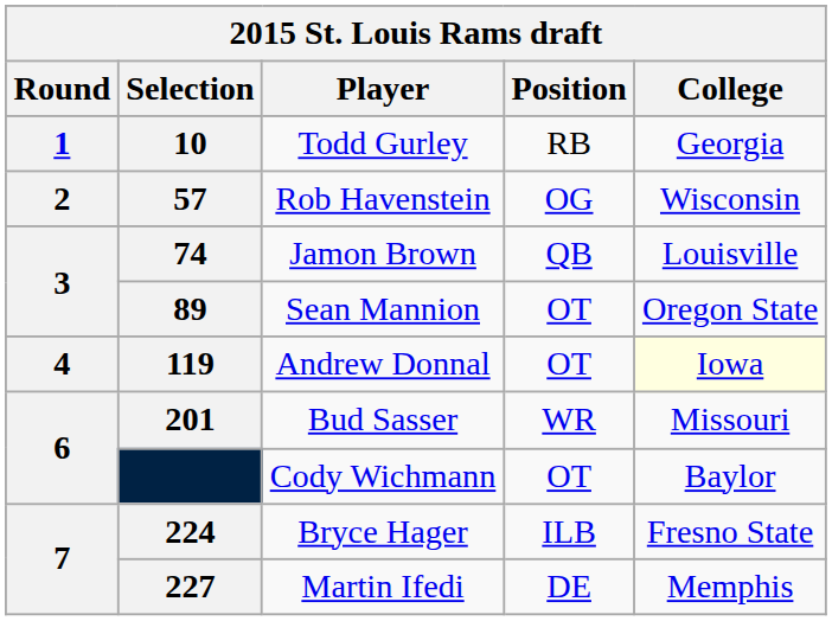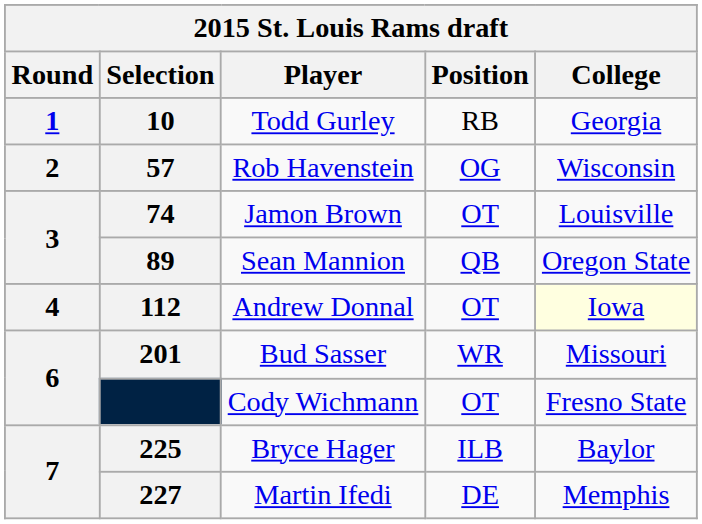 <table class="wikitable" style="font-size: 95%; text-align: center;">
 <tr>
 <th colspan=5>2015 St. Louis Rams draft</th>
 </tr>
 <tr>
 <th>Round</th>
 <th>Selection</th>
 <th>Player</th>
 <th>Position</th>
 <th>College</th>
 </tr>
 <tr>
 <th><a href='#'>1</a></th>
 <th>10</th>
 <td><a href='#'>Todd Gurley</a></td>
 <td>RB</td>
 <td><a href='#'>Georgia</a></td>
 </tr>
 <tr>
 <th>2</th>
 <th>57</th>
 <td><a href='#'>Rob Havenstein</a></td>
 <td><a href='#'>OG</a></td>
 <td><a href='#'>Wisconsin</a></td>
 </tr>
 <tr>
 <th rowspan=2>3</th>
 <th>74</th>
 <td><a href='#'>Jamon Brown</a></td>
-<td><a href='#'>QB</a></td>
+<td><a href='#'>OT</a></td>
 <td><a href='#'>Louisville</a></td>
 </tr>
 <tr>
 <th>89</th>
 <td><a href='#'>Sean Mannion</a></td>
-<td><a href='#'>OT</a></td>
+<td><a href='#'>QB</a></td>
 <td><a href='#'>Oregon State</a></td>
 </tr>
 <tr>
 <th>4</th>
-<th>119</th>
+<th>112</th>
 <td><a href='#'>Andrew Donnal</a></td>
 <td><a href='#'>OT</a></td>
 <td style="background: lightyellow;"><a href='#'>Iowa</a></td>
 </tr>
 <tr>
 <th rowspan=2>6</th>
 <th>201</th>
 <td><a href='#'>Bud Sasser</a></td>
 <td><a href='#'>WR</a></td>
 <td><a href='#'>Missouri</a></td>
 </tr>
 <tr>
 <th style="background:#024;"></th>
 <td><a href='#'>Cody Wichmann</a></td>
 <td><a href='#'>OT</a></td>
-<td><a href='#'>Baylor</a></td>
+<td><a href='#'>Fresno State</a></td>
 </tr>
 <tr>
 <th rowspan=2>7</th>
-<th>224</th>
+<th>225</th>
 <td><a href='#'>Bryce Hager</a></td>
 <td><a href='#'>ILB</a></td>
-<td><a href='#'>Fresno State</a></td>
+<td><a href='#'>Baylor</a></td>
 </tr>
 <tr>
 <th>227</th>
 <td><a href='#'>Martin Ifedi</a></td>
 <td><a href='#'>DE</a></td>
 <td><a href='#'>Memphis</a></td>
 </tr>
 </table>
